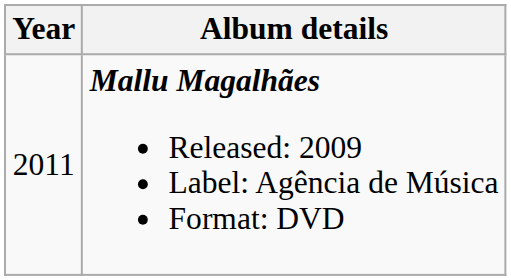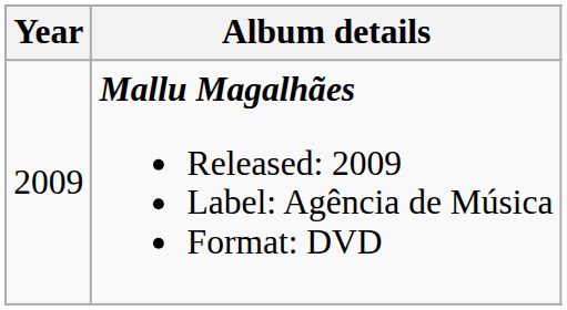 <table class="wikitable" style=text-align:center;>
 <tr>
 <th align="left">Year</th>
 <th align="left">Album details</th>
 </tr>
 <tr>
-<td>2011</td>
+<td>2009</td>
 <td align=left><strong><em>Mallu Magalhães</em></strong><br><ul><li>Released: 2009</li><li>Label: Agência de Música</li><li>Format: DVD</li></ul></td>
 </tr>
 </table>
